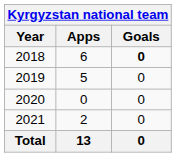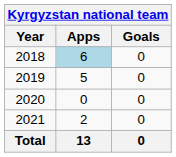 <table class="wikitable" style="text-align:center">
 <tr>
 <th colspan=3><a href='#'>Kyrgyzstan national team</a></th>
 </tr>
 <tr>
 <th>Year</th>
 <th>Apps</th>
 <th>Goals</th>
 </tr>
 <tr>
 <td>2018</td>
-<td>6</td>
-<td><strong>0</strong></td>
+<td style="background: lightblue;">6</td>
+<td>0</td>
 </tr>
 <tr>
 <td>2019</td>
 <td>5</td>
 <td>0</td>
 </tr>
 <tr>
 <td>2020</td>
 <td>0</td>
 <td>0</td>
 </tr>
 <tr>
 <td>2021</td>
 <td>2</td>
 <td>0</td>
 </tr>
 <tr>
 <th>Total</th>
 <th>13</th>
 <th>0</th>
 </tr>
 </table>
